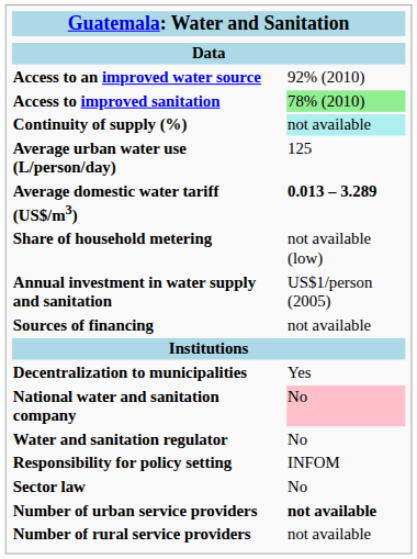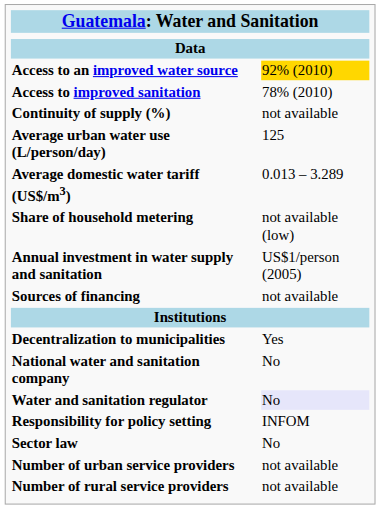 <table style="width: 25em; font-size: 90%; text-align: left;" class="infobox">
 <tr>
 <th align="center" bgcolor="lightblue" colspan="2"><big><a href='#'>Guatemala</a>: Water and Sanitation</big></th>
 </tr>
 <tr>
 <td colspan="2" style="text-align:center"></td>
 </tr>
 <tr>
 <th align="center" bgcolor="lightblue" colspan="3">Data</th>
 </tr>
 <tr>
 <th align="left" valign="top">Access to an <a href='#'>improved water source</a></th>
-<td valign="top">92% (2010) </td>
+<td valign="top" style="background: gold;">92% (2010) </td>
 </tr>
 <tr>
 <th align="left" valign="top">Access to <a href='#'>improved sanitation</a></th>
-<td valign="top" style="background: lightgreen;">78% (2010) </td>
+<td valign="top">78% (2010) </td>
 </tr>
 <tr>
 <th align="left" valign="top">Continuity of supply (%)</th>
-<td valign="top" style="background: paleturquoise;">not available</td>
+<td valign="top">not available</td>
 </tr>
 <tr>
 <th align="left" valign="top">Average urban water use (L/person/day)</th>
 <td valign="top">125</td>
 </tr>
 <tr>
 <th align="left" valign="top">Average domestic water tariff (US$/m<sup>3</sup>)</th>
-<td valign="top"><strong>0.013 – 3.289</strong></td>
+<td valign="top">0.013 – 3.289</td>
 </tr>
 <tr>
 <th align="left" valign="top">Share of household metering</th>
 <td valign="top">not available (low)</td>
 </tr>
 <tr>
 <th align="left" valign="top">Annual investment in water supply and sanitation</th>
 <td valign="top">US$1/person (2005)</td>
 </tr>
 <tr>
 <th align="left" valign="top">Sources of financing</th>
 <td valign="top">not available</td>
 </tr>
 <tr>
 <th align="center" bgcolor="lightblue" colspan="3">Institutions</th>
 </tr>
 <tr>
 <th align="left" valign="top">Decentralization to municipalities</th>
 <td valign="top">Yes</td>
 </tr>
 <tr>
 <th align="left" valign="top">National water and sanitation company</th>
-<td valign="top" style="background: pink;">No</td>
+<td valign="top">No</td>
 </tr>
 <tr>
 <th align="left" valign="top">Water and sanitation regulator</th>
-<td valign="top">No</td>
+<td valign="top" style="background: lavender;">No</td>
 </tr>
 <tr>
 <th align="left" valign="top">Responsibility for policy setting</th>
 <td valign="top">INFOM</td>
 </tr>
 <tr>
 <th align="left" valign="top">Sector law</th>
 <td valign="top">No</td>
 </tr>
 <tr>
 <th align="left" valign="top">Number of urban service providers</th>
-<td valign="top"><strong>not available</strong></td>
+<td valign="top">not available</td>
 </tr>
 <tr>
 <th align="left" valign="top">Number of rural service providers</th>
 <td valign="top">not available</td>
 </tr>
 <tr>
 </tr>
 </table>
